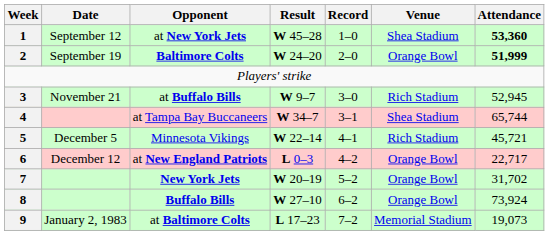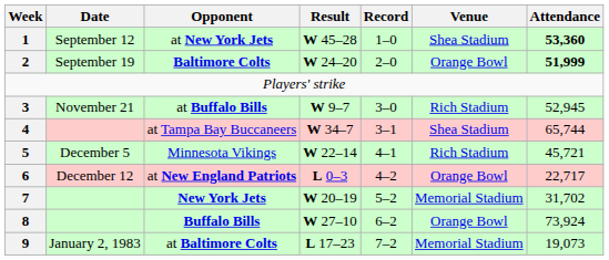 <table class="wikitable" style="text-align:center">
 <tr>
 <th>Week</th>
 <th>Date</th>
 <th>Opponent</th>
 <th>Result</th>
 <th>Record</th>
 <th>Venue</th>
 <th>Attendance</th>
 </tr>
 <tr style="background:#cfc">
 <th>1</th>
 <td>September 12</td>
 <td>at <strong><a href='#'>New York Jets</a></strong></td>
 <td><strong>W</strong> 45–28</td>
 <td>1–0</td>
 <td><a href='#'>Shea Stadium</a></td>
 <td><strong>53,360</strong></td>
 </tr>
 <tr style="background:#cfc">
 <th>2</th>
 <td>September 19</td>
 <td><strong><a href='#'>Baltimore Colts</a></strong></td>
 <td><strong>W</strong> 24–20</td>
 <td>2–0</td>
 <td><a href='#'>Orange Bowl</a></td>
 <td><strong>51,999</strong></td>
 </tr>
 <tr>
 <td colspan=7 align="center"><em>Players' strike</em></td>
 </tr>
 <tr style="background:#cfc">
 <th>3</th>
 <td>November 21</td>
 <td>at <strong><a href='#'>Buffalo Bills</a></strong></td>
 <td><strong>W</strong> 9–7</td>
 <td>3–0</td>
 <td><a href='#'>Rich Stadium</a></td>
 <td>52,945</td>
 </tr>
 <tr style="background:#fcc">
 <th>4</th>
 <td></td>
 <td>at <a href='#'>Tampa Bay Buccaneers</a></td>
 <td><strong>W</strong> 34–7</td>
 <td>3–1</td>
 <td><a href='#'>Shea Stadium</a></td>
 <td>65,744</td>
 </tr>
 <tr style="background:#cfc">
 <th>5</th>
 <td>December 5</td>
 <td><a href='#'>Minnesota Vikings</a></td>
 <td><strong>W</strong> 22–14</td>
 <td>4–1</td>
 <td><a href='#'>Rich Stadium</a></td>
 <td>45,721</td>
 </tr>
 <tr style="background: #fcc">
 <th>6</th>
 <td>December 12</td>
 <td>at <strong><a href='#'>New England Patriots</a></strong></td>
 <td><strong>L</strong> <a href='#'>0–3</a></td>
 <td>4–2</td>
 <td><a href='#'>Orange Bowl</a></td>
 <td>22,717</td>
 </tr>
 <tr style="background:#cfc">
 <th>7</th>
 <td></td>
 <td><strong><a href='#'>New York Jets</a></strong></td>
 <td><strong>W</strong> 20–19</td>
 <td>5–2</td>
-<td><a href='#'>Orange Bowl</a></td>
+<td><a href='#'>Memorial Stadium</a></td>
 <td>31,702</td>
 </tr>
 <tr style="background:#cfc">
 <th>8</th>
 <td></td>
 <td><strong><a href='#'>Buffalo Bills</a></strong></td>
 <td><strong>W</strong> 27–10</td>
 <td>6–2</td>
 <td><a href='#'>Orange Bowl</a></td>
 <td>73,924</td>
 </tr>
 <tr style="background:#cfc">
 <th>9</th>
 <td>January 2, 1983</td>
 <td>at <strong><a href='#'>Baltimore Colts</a></strong></td>
 <td><strong>L</strong> 17–23</td>
 <td>7–2</td>
 <td><a href='#'>Memorial Stadium</a></td>
 <td>19,073</td>
 </tr>
 </table>
